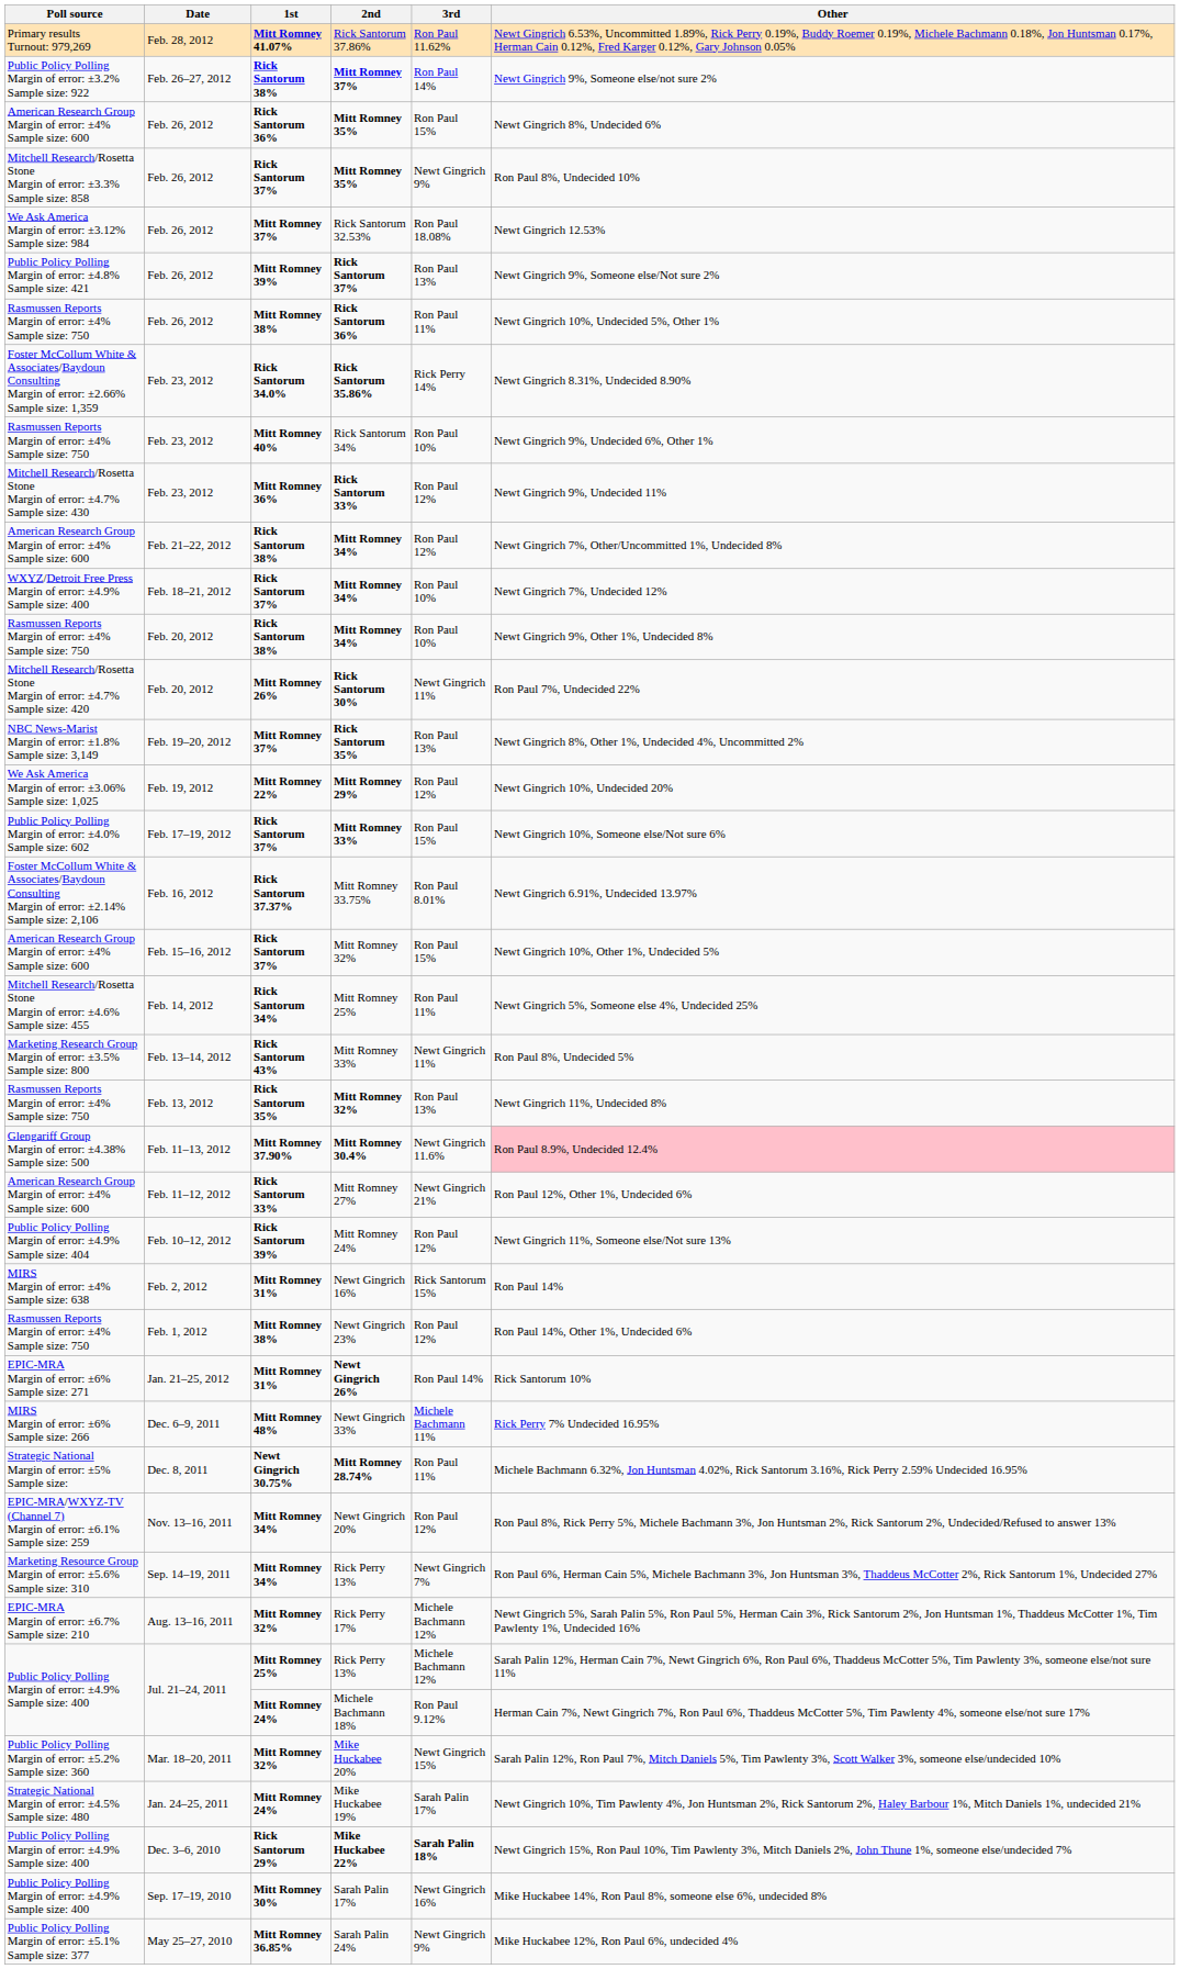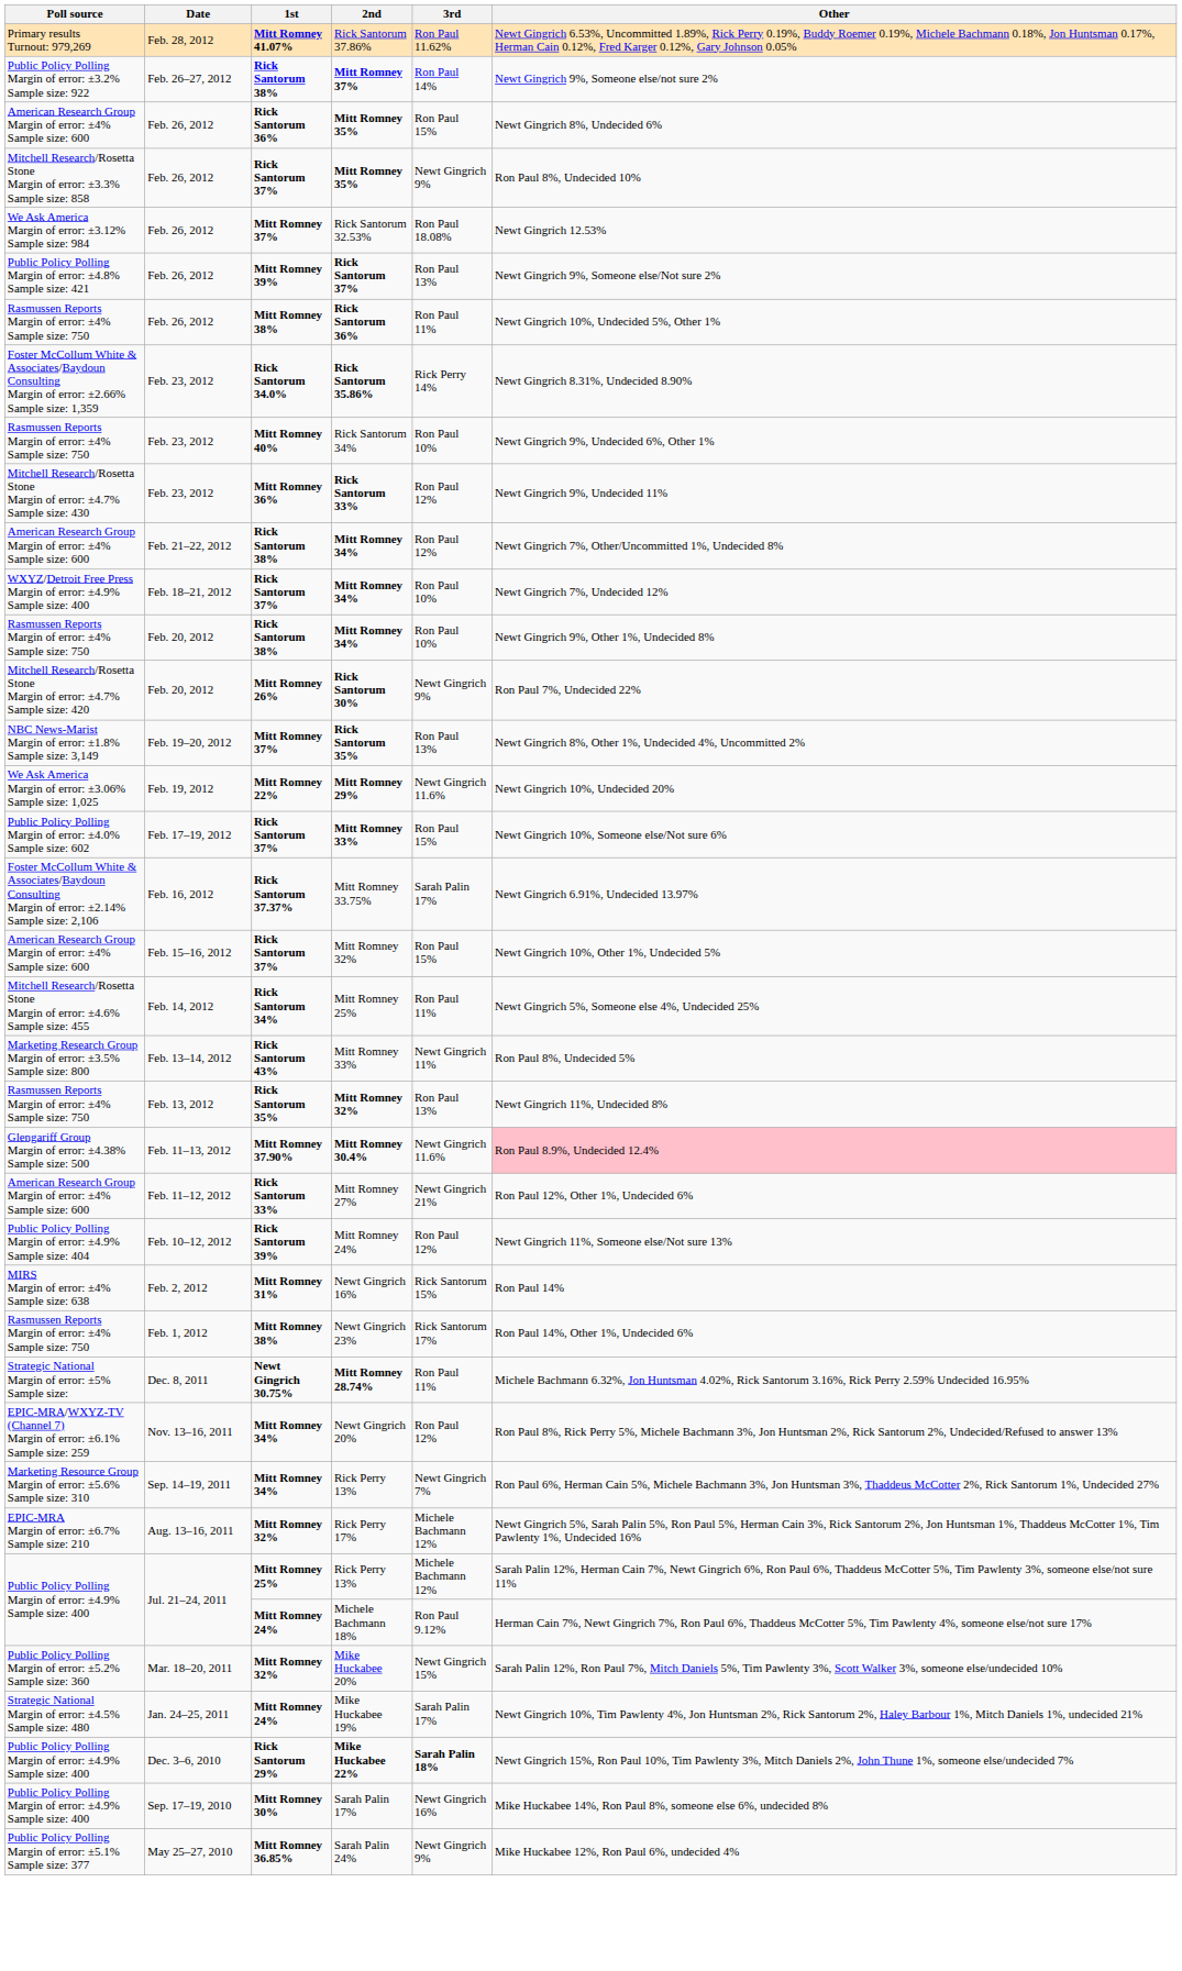 <table class="wikitable">
 <tr>
 <th style="width:180px;">Poll source</th>
 <th style="width:135px;">Date</th>
 <th style="width:100px;">1st</th>
 <th style="width:100px;">2nd</th>
 <th style="width:100px;">3rd</th>
 <th>Other</th>
 </tr>
 <tr style="background:Moccasin;">
 <td>Primary results<br>Turnout: 979,269</td>
 <td>Feb. 28, 2012</td>
 <td><strong><a href='#'>Mitt Romney</a> 41.07% </strong></td>
 <td><a href='#'>Rick Santorum</a><br>37.86%</td>
 <td><a href='#'>Ron Paul</a><br>11.62%</td>
 <td><a href='#'>Newt Gingrich</a> 6.53%, Uncommitted 1.89%, <a href='#'>Rick Perry</a> 0.19%, <a href='#'>Buddy Roemer</a> 0.19%, <a href='#'>Michele Bachmann</a> 0.18%, <a href='#'>Jon Huntsman</a> 0.17%, <a href='#'>Herman Cain</a> 0.12%, <a href='#'>Fred Karger</a> 0.12%, <a href='#'>Gary Johnson</a> 0.05%</td>
 </tr>
 <tr>
 <td><a href='#'>Public Policy Polling</a><br>Margin of error: ±3.2% <br>Sample size: 922</td>
 <td>Feb. 26–27, 2012</td>
 <td><strong><a href='#'>Rick Santorum</a><br>38%</strong></td>
 <td><strong><a href='#'>Mitt Romney</a><br>37%</strong></td>
 <td><a href='#'>Ron Paul</a><br>14%</td>
 <td><a href='#'>Newt Gingrich</a> 9%, Someone else/not sure 2%</td>
 </tr>
 <tr>
 <td><a href='#'>American Research Group</a><br>Margin of error: ±4% <br>Sample size: 600</td>
 <td>Feb. 26, 2012</td>
 <td><strong>Rick Santorum<br>36%</strong></td>
 <td><strong>Mitt Romney<br>35%</strong></td>
 <td>Ron Paul<br>15%</td>
 <td>Newt Gingrich 8%, Undecided 6%</td>
 </tr>
 <tr>
 <td><a href='#'>Mitchell Research</a>/Rosetta Stone<br>Margin of error: ±3.3% <br>Sample size: 858</td>
 <td>Feb. 26, 2012</td>
 <td><strong>Rick Santorum<br>37%</strong></td>
 <td><strong>Mitt Romney<br>35%</strong></td>
 <td>Newt Gingrich<br>9%</td>
 <td>Ron Paul 8%, Undecided 10%</td>
 </tr>
 <tr>
 <td><a href='#'>We Ask America</a><br>Margin of error: ±3.12% <br>Sample size: 984</td>
 <td>Feb. 26, 2012</td>
 <td><strong>Mitt Romney<br>37%</strong></td>
 <td>Rick Santorum<br>32.53%</td>
 <td>Ron Paul<br>18.08%</td>
 <td>Newt Gingrich 12.53%</td>
 </tr>
 <tr>
 <td><a href='#'>Public Policy Polling</a><br>Margin of error: ±4.8% <br>Sample size: 421</td>
 <td>Feb. 26, 2012</td>
 <td><strong>Mitt Romney<br>39%</strong></td>
 <td><strong>Rick Santorum<br>37%</strong></td>
 <td>Ron Paul<br>13%</td>
 <td>Newt Gingrich 9%, Someone else/Not sure 2%</td>
 </tr>
 <tr>
 <td><a href='#'>Rasmussen Reports</a><br>Margin of error: ±4% <br>Sample size: 750</td>
 <td>Feb. 26, 2012</td>
 <td><strong>Mitt Romney<br>38%</strong></td>
 <td><strong>Rick Santorum<br>36%</strong></td>
 <td>Ron Paul<br>11%</td>
 <td>Newt Gingrich 10%, Undecided 5%, Other 1%</td>
 </tr>
 <tr>
 <td><a href='#'>Foster McCollum White & Associates</a>/<a href='#'>Baydoun Consulting</a><br>Margin of error: ±2.66% <br>Sample size: 1,359</td>
 <td>Feb. 23, 2012</td>
 <td><strong>Rick Santorum<br>34.0%</strong></td>
 <td><strong>Rick Santorum<br>35.86%</strong></td>
 <td>Rick Perry<br>14%</td>
 <td>Newt Gingrich 8.31%, Undecided 8.90%</td>
 </tr>
 <tr>
 <td><a href='#'>Rasmussen Reports</a><br>Margin of error: ±4% <br>Sample size: 750</td>
 <td>Feb. 23, 2012</td>
 <td><strong>Mitt Romney<br>40%</strong></td>
 <td>Rick Santorum<br>34%</td>
 <td>Ron Paul<br>10%</td>
 <td>Newt Gingrich 9%, Undecided 6%, Other 1%</td>
 </tr>
 <tr>
 <td><a href='#'>Mitchell Research</a>/Rosetta Stone<br>Margin of error: ±4.7% <br>Sample size: 430</td>
 <td>Feb. 23, 2012</td>
 <td><strong>Mitt Romney<br>36%</strong></td>
 <td><strong>Rick Santorum<br>33%</strong></td>
 <td>Ron Paul<br>12%</td>
 <td>Newt Gingrich 9%, Undecided 11%</td>
 </tr>
 <tr>
 <td><a href='#'>American Research Group</a><br>Margin of error: ±4% <br>Sample size: 600</td>
 <td>Feb. 21–22, 2012</td>
 <td><strong>Rick Santorum<br>38%</strong></td>
 <td><strong>Mitt Romney<br>34%</strong></td>
 <td>Ron Paul<br>12%</td>
 <td>Newt Gingrich 7%, Other/Uncommitted 1%, Undecided 8%</td>
 </tr>
 <tr>
 <td><a href='#'>WXYZ</a>/<a href='#'>Detroit Free Press</a><br>Margin of error: ±4.9% <br>Sample size: 400</td>
 <td>Feb. 18–21, 2012</td>
 <td><strong>Rick Santorum<br>37%</strong></td>
 <td><strong>Mitt Romney<br>34%</strong></td>
 <td>Ron Paul<br>10%</td>
 <td>Newt Gingrich 7%, Undecided 12%</td>
 </tr>
 <tr>
 <td><a href='#'>Rasmussen Reports</a><br>Margin of error: ±4% <br>Sample size: 750</td>
 <td>Feb. 20, 2012</td>
 <td><strong>Rick Santorum<br>38%</strong></td>
 <td><strong>Mitt Romney<br>34%</strong></td>
 <td>Ron Paul<br>10%</td>
 <td>Newt Gingrich 9%, Other 1%, Undecided 8%</td>
 </tr>
 <tr>
 <td><a href='#'>Mitchell Research</a>/Rosetta Stone<br>Margin of error: ±4.7% <br>Sample size: 420</td>
 <td>Feb. 20, 2012</td>
 <td><strong>Mitt Romney<br>26%</strong></td>
 <td><strong>Rick Santorum<br>30%</strong></td>
-<td>Newt Gingrich<br>11% <br></td>
+<td>Newt Gingrich<br>9%</td>
 <td>Ron Paul 7%, Undecided 22%</td>
 </tr>
 <tr>
 <td><a href='#'>NBC News-Marist</a><br>Margin of error: ±1.8% <br>Sample size: 3,149</td>
 <td>Feb. 19–20, 2012</td>
 <td><strong>Mitt Romney<br>37%</strong></td>
 <td><strong>Rick Santorum<br>35%</strong></td>
 <td>Ron Paul<br>13%</td>
 <td>Newt Gingrich 8%, Other 1%, Undecided 4%, Uncommitted 2%</td>
 </tr>
 <tr>
 <td><a href='#'>We Ask America</a><br>Margin of error: ±3.06% <br>Sample size: 1,025</td>
 <td>Feb. 19, 2012</td>
 <td><strong>Mitt Romney<br>22%</strong></td>
 <td><strong>Mitt Romney<br>29%</strong></td>
-<td>Ron Paul<br>12%</td>
+<td>Newt Gingrich<br>11.6% <br></td>
 <td>Newt Gingrich 10%, Undecided 20%</td>
 </tr>
 <tr>
 <td><a href='#'>Public Policy Polling</a><br>Margin of error: ±4.0% <br>Sample size: 602</td>
 <td>Feb. 17–19, 2012</td>
 <td><strong>Rick Santorum<br>37%</strong></td>
 <td><strong>Mitt Romney<br>33%</strong></td>
 <td>Ron Paul<br>15%</td>
 <td>Newt Gingrich 10%, Someone else/Not sure 6%</td>
 </tr>
 <tr>
 <td><a href='#'>Foster McCollum White & Associates</a>/<a href='#'>Baydoun Consulting</a><br>Margin of error: ±2.14% <br>Sample size: 2,106</td>
 <td>Feb. 16, 2012</td>
 <td><strong>Rick Santorum<br>37.37%</strong></td>
 <td>Mitt Romney<br>33.75%</td>
-<td>Ron Paul<br>8.01%</td>
+<td>Sarah Palin<br>17%</td>
 <td>Newt Gingrich 6.91%, Undecided 13.97%</td>
 </tr>
 <tr>
 <td><a href='#'>American Research Group</a><br>Margin of error: ±4% <br>Sample size: 600</td>
 <td>Feb. 15–16, 2012</td>
 <td><strong>Rick Santorum<br>37%</strong></td>
 <td>Mitt Romney<br> 32%</td>
 <td>Ron Paul<br>15% <br></td>
 <td>Newt Gingrich 10%, Other 1%, Undecided 5%</td>
 </tr>
 <tr>
 <td><a href='#'>Mitchell Research</a>/Rosetta Stone<br>Margin of error: ±4.6% <br>Sample size: 455</td>
 <td>Feb. 14, 2012</td>
 <td><strong>Rick Santorum<br>34%</strong></td>
 <td>Mitt Romney<br>25%</td>
 <td>Ron Paul<br>11% <br></td>
 <td>Newt Gingrich 5%, Someone else 4%, Undecided 25%</td>
 </tr>
 <tr>
 <td><a href='#'>Marketing Research Group</a><br>Margin of error: ±3.5% <br>Sample size: 800</td>
 <td>Feb. 13–14, 2012</td>
 <td><strong>Rick Santorum<br>43%</strong></td>
 <td>Mitt Romney<br>33%</td>
 <td>Newt Gingrich<br>11% <br></td>
 <td>Ron Paul 8%, Undecided 5%</td>
 </tr>
 <tr>
 <td><a href='#'>Rasmussen Reports</a><br>Margin of error: ±4% <br>Sample size: 750</td>
 <td>Feb. 13, 2012</td>
 <td><strong>Rick Santorum<br>35%</strong></td>
 <td><strong>Mitt Romney<br>32%</strong></td>
 <td>Ron Paul<br>13% <br></td>
 <td>Newt Gingrich 11%, Undecided 8%</td>
 </tr>
 <tr>
 <td><a href='#'>Glengariff Group</a><br>Margin of error: ±4.38% <br>Sample size: 500</td>
 <td>Feb. 11–13, 2012</td>
 <td><strong>Mitt Romney<br>37.90%</strong></td>
 <td><strong>Mitt Romney<br>30.4%</strong></td>
 <td>Newt Gingrich<br>11.6% <br></td>
 <td style="background: pink;">Ron Paul 8.9%, Undecided 12.4%</td>
 </tr>
 <tr>
 <td><a href='#'>American Research Group</a><br>Margin of error: ±4% <br>Sample size: 600</td>
 <td>Feb. 11–12, 2012</td>
 <td><strong>Rick Santorum<br>33%</strong></td>
 <td>Mitt Romney<br>27%</td>
 <td>Newt Gingrich<br>21% <br></td>
 <td>Ron Paul 12%, Other 1%, Undecided 6%</td>
 </tr>
 <tr>
 <td><a href='#'>Public Policy Polling</a><br>Margin of error: ±4.9% <br>Sample size: 404</td>
 <td>Feb. 10–12, 2012</td>
 <td><strong>Rick Santorum<br>39%</strong></td>
 <td>Mitt Romney<br>24%</td>
 <td>Ron Paul<br>12%</td>
 <td>Newt Gingrich 11%, Someone else/Not sure 13%</td>
 </tr>
 <tr>
 <td><a href='#'>MIRS</a><br>Margin of error: ±4% <br>Sample size: 638</td>
 <td>Feb. 2, 2012</td>
 <td><strong>Mitt Romney<br>31%</strong></td>
 <td>Newt Gingrich <br>16%</td>
 <td>Rick Santorum 15% <br></td>
 <td>Ron Paul 14%</td>
 </tr>
 <tr>
 <td><a href='#'>Rasmussen Reports</a><br>Margin of error: ±4% <br>Sample size: 750</td>
 <td>Feb. 1, 2012</td>
 <td><strong>Mitt Romney<br>38%</strong></td>
 <td>Newt Gingrich<br>23%</td>
-<td>Ron Paul<br>12%</td>
+<td>Rick Santorum 17% <br></td>
 <td>Ron Paul 14%, Other 1%, Undecided 6%</td>
-</tr>
-<tr>
-<td><a href='#'>EPIC-MRA</a><br>Margin of error: ±6% <br>Sample size: 271</td>
-<td>Jan. 21–25, 2012</td>
-<td><strong>Mitt Romney<br>31%</strong></td>
-<td><strong>Newt Gingrich<br>26%</strong></td>
-<td>Ron Paul 14% <br></td>
-<td>Rick Santorum 10%</td>
-</tr>
-<tr>
-<td><a href='#'>MIRS</a><br>Margin of error: ±6% <br>Sample size: 266</td>
-<td>Dec. 6–9, 2011</td>
-<td><strong>Mitt Romney<br>48%</strong></td>
-<td>Newt Gingrich<br>33%</td>
-<td><a href='#'>Michele Bachmann</a><br>11%</td>
-<td><a href='#'>Rick Perry</a> 7% Undecided 16.95%</td>
 </tr>
 <tr>
 <td><a href='#'>Strategic National</a><br>Margin of error: ±5% <br>Sample size:</td>
 <td>Dec. 8, 2011</td>
 <td><strong>Newt Gingrich<br>30.75%</strong></td>
 <td><strong>Mitt Romney<br>28.74%</strong></td>
 <td>Ron Paul<br>11%</td>
 <td>Michele Bachmann 6.32%, <a href='#'>Jon Huntsman</a> 4.02%, Rick Santorum 3.16%, Rick Perry 2.59% Undecided 16.95%</td>
 </tr>
 <tr>
 <td><a href='#'>EPIC-MRA</a>/<a href='#'>WXYZ-TV (Channel 7)</a><br>Margin of error: ±6.1% <br>Sample size: 259</td>
 <td>Nov. 13–16, 2011</td>
 <td><strong>Mitt Romney<br>34%</strong></td>
 <td>Newt Gingrich<br>20%</td>
 <td>Ron Paul<br>12%</td>
 <td>Ron Paul 8%, Rick Perry 5%, Michele Bachmann 3%, Jon Huntsman 2%, Rick Santorum 2%, Undecided/Refused to answer 13%</td>
 </tr>
 <tr>
 <td><a href='#'>Marketing Resource Group</a><br>Margin of error: ±5.6% <br>Sample size: 310</td>
 <td>Sep. 14–19, 2011</td>
 <td><strong>Mitt Romney<br>34%</strong></td>
 <td>Rick Perry<br>13%</td>
 <td>Newt Gingrich<br>7%</td>
 <td>Ron Paul 6%, Herman Cain 5%, Michele Bachmann 3%, Jon Huntsman 3%, <a href='#'>Thaddeus McCotter</a> 2%, Rick Santorum 1%, Undecided 27%</td>
 </tr>
 <tr>
 <td><a href='#'>EPIC-MRA</a><br>Margin of error: ±6.7% <br>Sample size: 210</td>
 <td>Aug. 13–16, 2011</td>
 <td><strong>Mitt Romney<br>32%</strong></td>
 <td>Rick Perry<br>17%</td>
 <td>Michele Bachmann<br>12%</td>
 <td>Newt Gingrich 5%, Sarah Palin 5%, Ron Paul 5%, Herman Cain 3%, Rick Santorum 2%, Jon Huntsman 1%, Thaddeus McCotter 1%, Tim Pawlenty 1%, Undecided 16%</td>
 </tr>
 <tr>
 <td rowspan=2><a href='#'>Public Policy Polling</a><br>Margin of error: ±4.9% <br>Sample size: 400</td>
 <td rowspan=2>Jul. 21–24, 2011</td>
 <td><strong>Mitt Romney<br>25%</strong></td>
 <td>Rick Perry<br>13%</td>
 <td>Michele Bachmann<br>12%</td>
 <td>Sarah Palin 12%, Herman Cain 7%, Newt Gingrich 6%, Ron Paul 6%, Thaddeus McCotter 5%, Tim Pawlenty 3%, someone else/not sure 11%</td>
 </tr>
 <tr>
 <td><strong>Mitt Romney<br>24%</strong></td>
 <td>Michele Bachmann<br>18%</td>
 <td>Ron Paul<br>9.12%</td>
 <td>Herman Cain 7%, Newt Gingrich 7%, Ron Paul 6%, Thaddeus McCotter 5%, Tim Pawlenty 4%, someone else/not sure 17%</td>
 </tr>
 <tr>
 <td><a href='#'>Public Policy Polling</a><br>Margin of error: ±5.2% <br>Sample size: 360</td>
 <td>Mar. 18–20, 2011</td>
 <td><strong>Mitt Romney<br>32%</strong></td>
 <td><a href='#'>Mike Huckabee</a><br>20%</td>
 <td>Newt Gingrich<br>15%</td>
 <td>Sarah Palin 12%, Ron Paul 7%, <a href='#'>Mitch Daniels</a> 5%, Tim Pawlenty 3%, <a href='#'>Scott Walker</a> 3%, someone else/undecided 10%</td>
 </tr>
 <tr>
 <td><a href='#'>Strategic National</a><br>Margin of error: ±4.5% <br>Sample size: 480</td>
 <td>Jan. 24–25, 2011</td>
 <td><strong>Mitt Romney<br>24%</strong></td>
 <td>Mike Huckabee<br>19%</td>
 <td>Sarah Palin<br>17%</td>
 <td>Newt Gingrich 10%, Tim Pawlenty 4%, Jon Huntsman 2%, Rick Santorum 2%, <a href='#'>Haley Barbour</a> 1%, Mitch Daniels 1%, undecided 21%</td>
 </tr>
 <tr>
 <td><a href='#'>Public Policy Polling</a><br>Margin of error: ±4.9% <br>Sample size: 400</td>
 <td>Dec. 3–6, 2010</td>
 <td><strong>Rick Santorum<br>29%</strong></td>
 <td><strong>Mike Huckabee<br>22%</strong></td>
 <td><strong>Sarah Palin<br>18%</strong></td>
 <td>Newt Gingrich 15%, Ron Paul 10%, Tim Pawlenty 3%, Mitch Daniels 2%, <a href='#'>John Thune</a> 1%, someone else/undecided 7%</td>
 </tr>
 <tr>
 <td><a href='#'>Public Policy Polling</a><br>Margin of error: ±4.9% <br>Sample size: 400</td>
 <td>Sep. 17–19, 2010</td>
 <td><strong>Mitt Romney<br>30%</strong></td>
 <td>Sarah Palin<br>17%</td>
 <td>Newt Gingrich<br>16%</td>
 <td>Mike Huckabee 14%, Ron Paul 8%, someone else 6%, undecided 8%</td>
 </tr>
 <tr>
 <td><a href='#'>Public Policy Polling</a><br>Margin of error: ±5.1% <br>Sample size: 377</td>
 <td>May 25–27, 2010</td>
 <td><strong>Mitt Romney<br>36.85%</strong></td>
 <td>Sarah Palin<br>24%</td>
 <td>Newt Gingrich<br>9%</td>
 <td>Mike Huckabee 12%, Ron Paul 6%, undecided 4%</td>
 </tr>
 </table>
